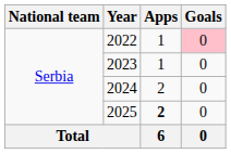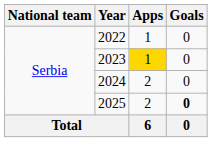 <table class="wikitable" style="text-align:center">
 <tr>
 <th>National team</th>
 <th>Year</th>
 <th>Apps</th>
 <th>Goals</th>
 </tr>
 <tr>
 <td rowspan="4"><a href='#'>Serbia</a></td>
 <td>2022</td>
 <td>1</td>
-<td style="background: pink;">0</td>
+<td>0</td>
 </tr>
 <tr>
 <td>2023</td>
-<td>1</td>
+<td style="background: gold;">1</td>
 <td>0</td>
 </tr>
 <tr>
 <td>2024</td>
 <td>2</td>
 <td>0</td>
 </tr>
 <tr>
 <td>2025</td>
-<td><strong>2</strong></td>
-<td>0</td>
+<td>2</td>
+<td><strong>0</strong></td>
 </tr>
 <tr>
 <th colspan="2">Total</th>
 <th>6</th>
 <th>0</th>
 </tr>
 </table>
